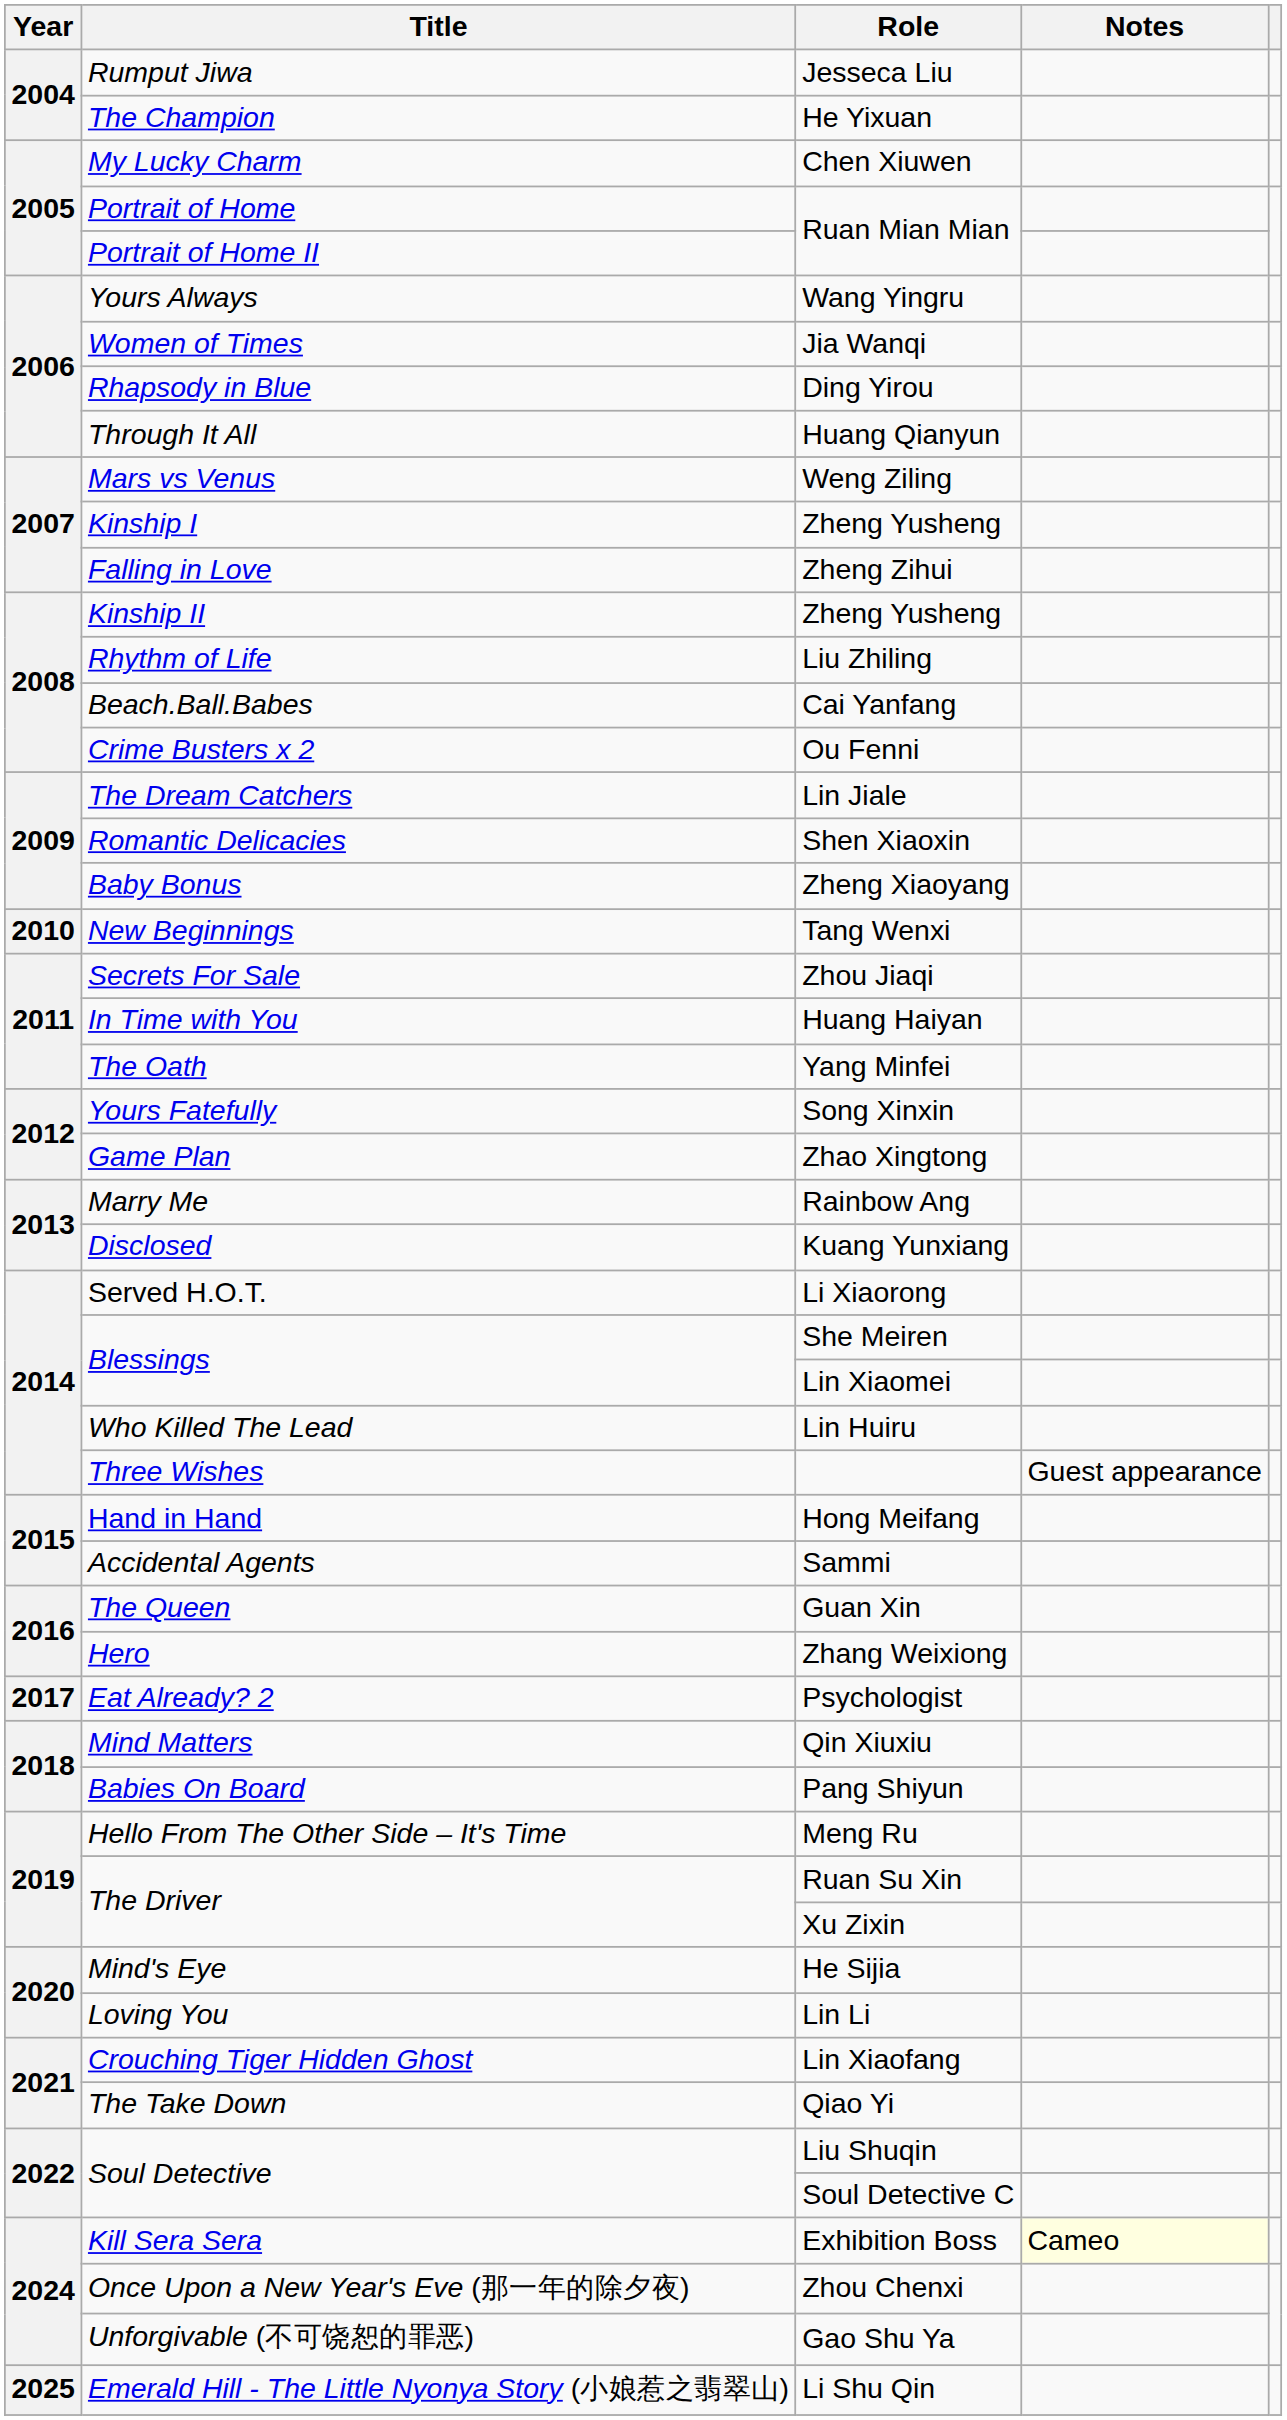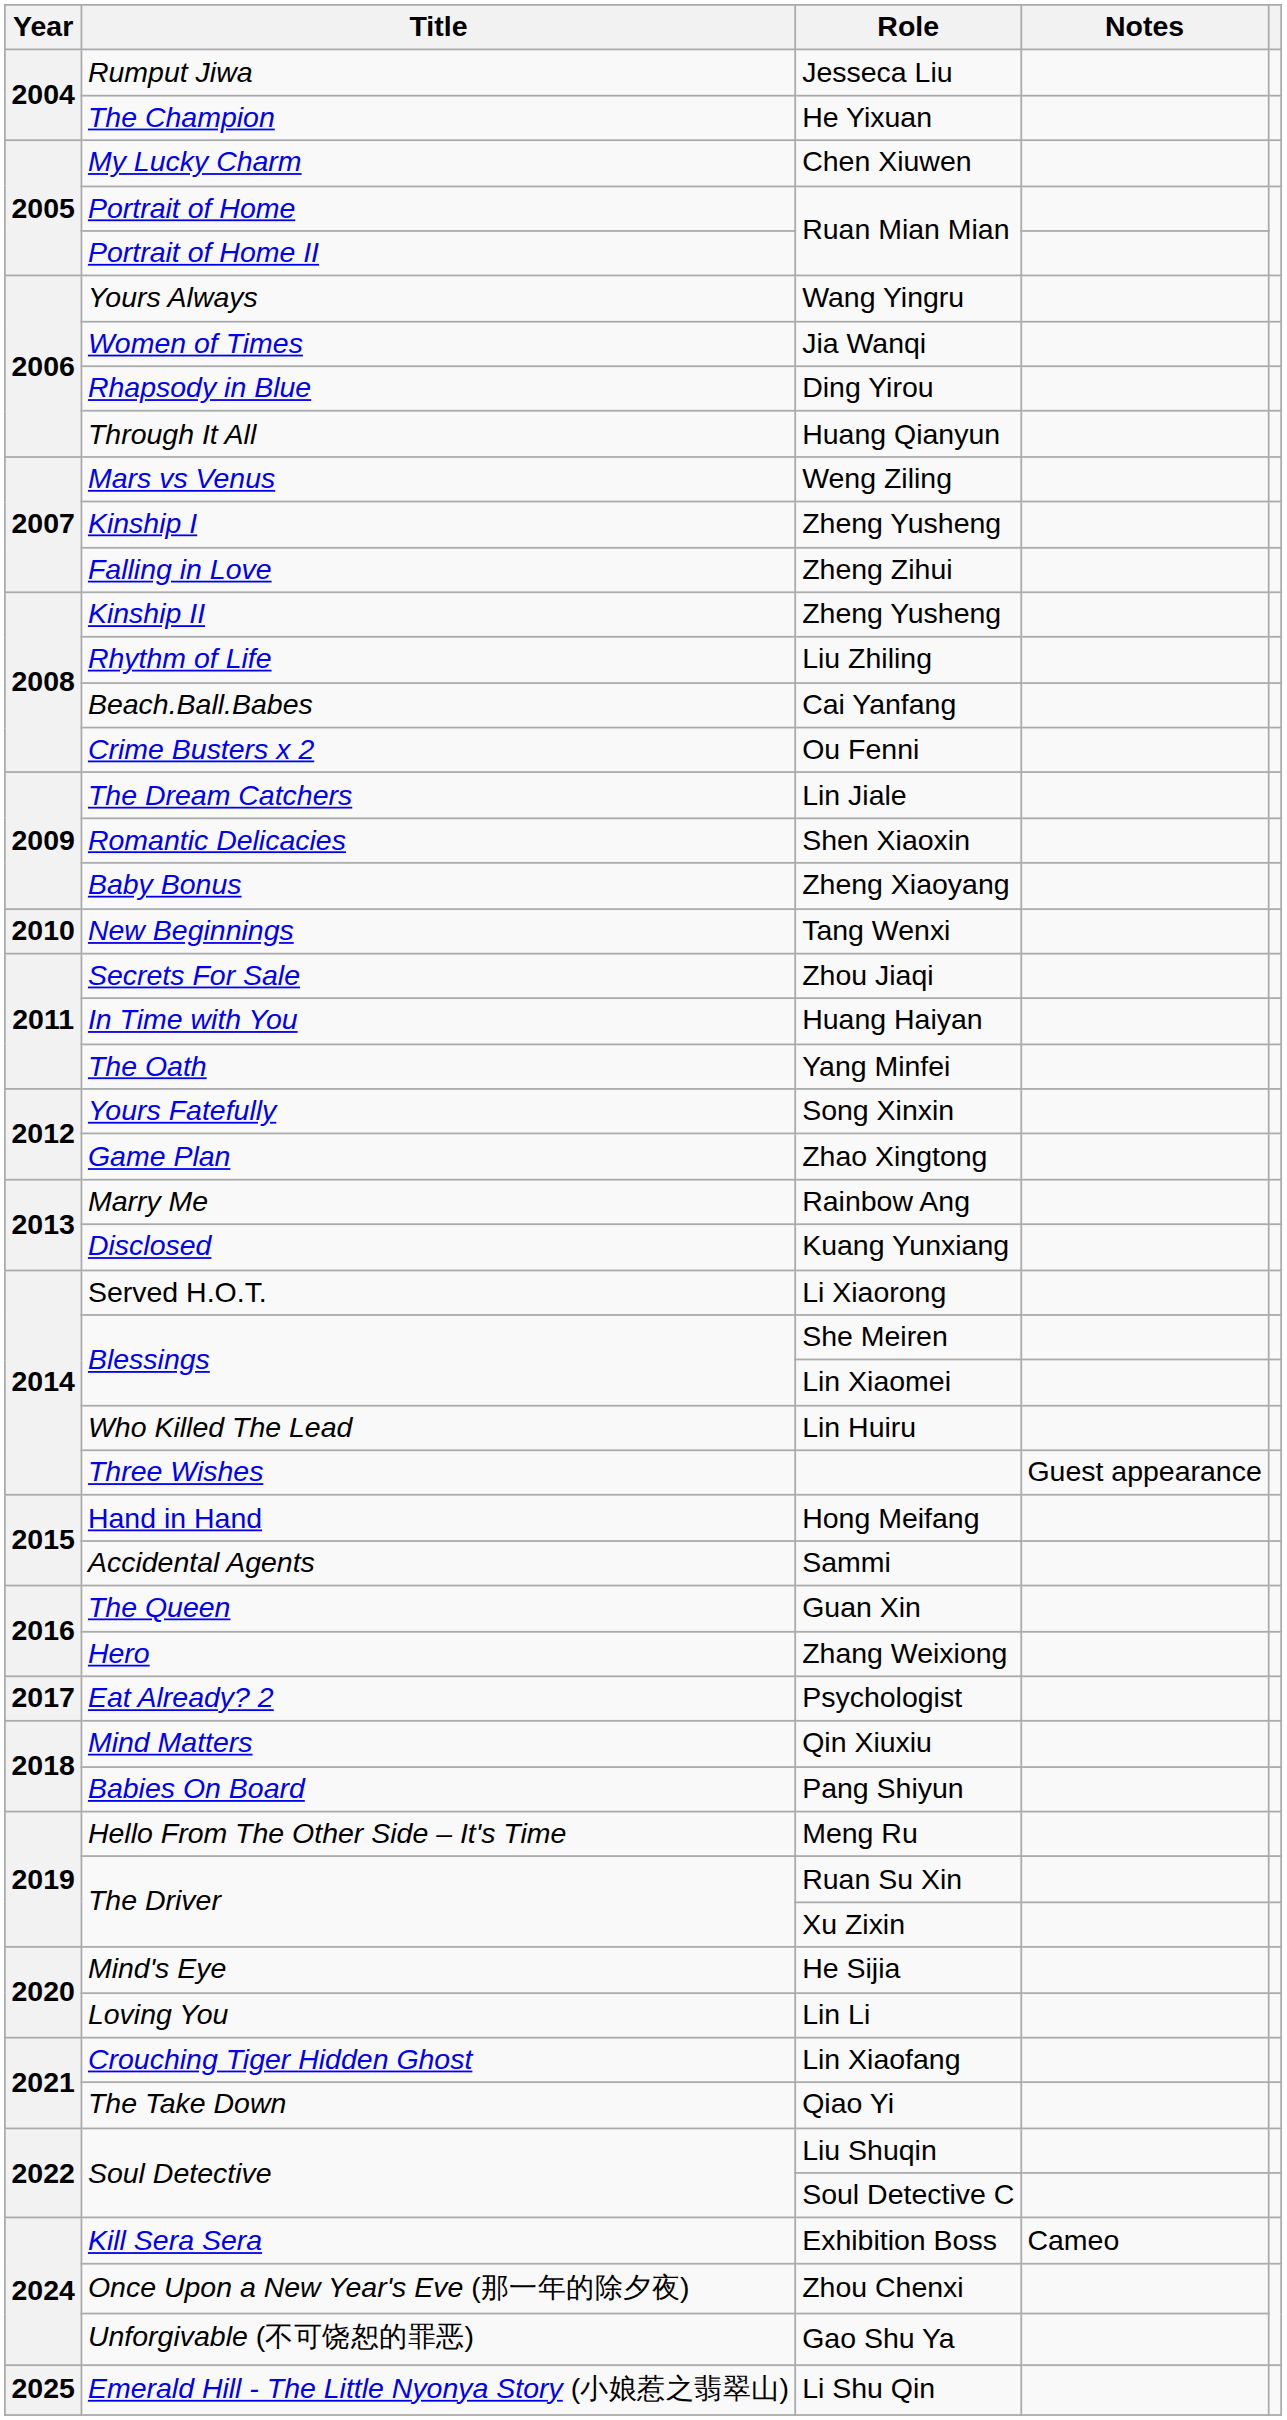 <table class="wikitable sortable plainrowheaders">
 <tr>
 <th scope="col">Year</th>
 <th scope="col">Title</th>
 <th scope="col">Role</th>
 <th scope="col" class="unsortable">Notes</th>
 <th scope="col" class="unsortable"></th>
 </tr>
 <tr>
 <th scope="row" rowspan="2">2004</th>
 <td><em>Rumput Jiwa</em></td>
 <td>Jesseca Liu</td>
 <td></td>
 <td></td>
 </tr>
 <tr>
 <td><em><a href='#'>The Champion</a></em></td>
 <td>He Yixuan</td>
 <td></td>
 <td></td>
 </tr>
 <tr>
 <th scope="row" rowspan="3">2005</th>
 <td><em><a href='#'>My Lucky Charm</a></em></td>
 <td>Chen Xiuwen</td>
 <td></td>
 <td></td>
 </tr>
 <tr>
 <td><em><a href='#'>Portrait of Home</a></em></td>
 <td rowspan="2">Ruan Mian Mian</td>
 <td></td>
 <td rowspan="2"></td>
 </tr>
 <tr>
 <td><a href='#'><em>Portrait of Home II</em></a></td>
 <td></td>
 </tr>
 <tr>
 <th scope="row" rowspan="4">2006</th>
 <td><em>Yours Always</em></td>
 <td>Wang Yingru</td>
 <td></td>
 <td></td>
 </tr>
 <tr>
 <td><em><a href='#'>Women of Times</a></em></td>
 <td>Jia Wanqi</td>
 <td></td>
 <td></td>
 </tr>
 <tr>
 <td><em><a href='#'>Rhapsody in Blue</a></em></td>
 <td>Ding Yirou</td>
 <td></td>
 <td></td>
 </tr>
 <tr>
 <td><em>Through It All</em></td>
 <td>Huang Qianyun</td>
 <td></td>
 <td></td>
 </tr>
 <tr>
 <th scope="row" rowspan="3">2007</th>
 <td><em><a href='#'>Mars vs Venus</a></em></td>
 <td>Weng Ziling</td>
 <td></td>
 <td></td>
 </tr>
 <tr>
 <td><em><a href='#'>Kinship I</a></em></td>
 <td>Zheng Yusheng</td>
 <td></td>
 <td></td>
 </tr>
 <tr>
 <td><em><a href='#'>Falling in Love</a></em></td>
 <td>Zheng Zihui</td>
 <td></td>
 <td></td>
 </tr>
 <tr>
 <th scope="row" rowspan="4">2008</th>
 <td><em><a href='#'>Kinship II</a></em></td>
 <td>Zheng Yusheng</td>
 <td></td>
 <td></td>
 </tr>
 <tr>
 <td><em><a href='#'>Rhythm of Life</a></em></td>
 <td>Liu Zhiling</td>
 <td></td>
 <td></td>
 </tr>
 <tr>
 <td><em>Beach.Ball.Babes</em></td>
 <td>Cai Yanfang</td>
 <td></td>
 <td></td>
 </tr>
 <tr>
 <td><em><a href='#'>Crime Busters x 2</a></em></td>
 <td>Ou Fenni</td>
 <td></td>
 <td></td>
 </tr>
 <tr>
 <th scope="row" rowspan="3">2009</th>
 <td><em><a href='#'>The Dream Catchers</a></em></td>
 <td>Lin Jiale</td>
 <td></td>
 <td></td>
 </tr>
 <tr>
 <td><em><a href='#'>Romantic Delicacies</a></em></td>
 <td>Shen Xiaoxin</td>
 <td></td>
 <td></td>
 </tr>
 <tr>
 <td><em><a href='#'>Baby Bonus</a></em></td>
 <td>Zheng Xiaoyang</td>
 <td></td>
 <td></td>
 </tr>
 <tr>
 <th scope="row" rowspan="1">2010</th>
 <td><em><a href='#'>New Beginnings</a></em></td>
 <td>Tang Wenxi</td>
 <td></td>
 <td></td>
 </tr>
 <tr>
 <th scope="row" rowspan="3">2011</th>
 <td><em><a href='#'>Secrets For Sale</a></em></td>
 <td>Zhou Jiaqi</td>
 <td></td>
 <td></td>
 </tr>
 <tr>
 <td><em><a href='#'>In Time with You</a></em></td>
 <td>Huang Haiyan</td>
 <td></td>
 <td></td>
 </tr>
 <tr>
 <td><em><a href='#'>The Oath</a></em></td>
 <td>Yang Minfei</td>
 <td></td>
 <td></td>
 </tr>
 <tr>
 <th scope="row" rowspan="2">2012</th>
 <td><em><a href='#'>Yours Fatefully</a></em></td>
 <td>Song Xinxin</td>
 <td></td>
 <td></td>
 </tr>
 <tr>
 <td><em><a href='#'>Game Plan</a></em></td>
 <td>Zhao Xingtong</td>
 <td></td>
 <td></td>
 </tr>
 <tr>
 <th scope="row" rowspan="2">2013</th>
 <td><em>Marry Me</em></td>
 <td>Rainbow Ang</td>
 <td></td>
 <td></td>
 </tr>
 <tr>
 <td><em><a href='#'>Disclosed</a></em></td>
 <td>Kuang Yunxiang</td>
 <td></td>
 <td></td>
 </tr>
 <tr>
 <th scope="row" rowspan="5">2014</th>
 <td>Served H.O.T.</td>
 <td>Li Xiaorong</td>
 <td></td>
 <td></td>
 </tr>
 <tr>
 <td rowspan="2"><em><a href='#'>Blessings</a></em></td>
 <td>She Meiren</td>
 <td></td>
 <td></td>
 </tr>
 <tr>
 <td>Lin Xiaomei</td>
 <td></td>
 <td></td>
 </tr>
 <tr>
 <td><em>Who Killed The Lead</em></td>
 <td>Lin Huiru</td>
 <td></td>
 <td></td>
 </tr>
 <tr>
 <td><em><a href='#'>Three Wishes</a></em></td>
 <td></td>
 <td>Guest appearance</td>
 <td></td>
 </tr>
 <tr>
 <th scope="row" rowspan="2">2015</th>
 <td><a href='#'>Hand in Hand</a></td>
 <td>Hong Meifang</td>
 <td></td>
 <td></td>
 </tr>
 <tr>
 <td><em>Accidental Agents</em></td>
 <td>Sammi</td>
 <td></td>
 <td></td>
 </tr>
 <tr>
 <th scope="row" rowspan="2">2016</th>
 <td><em><a href='#'>The Queen</a></em></td>
 <td>Guan Xin</td>
 <td></td>
 <td></td>
 </tr>
 <tr>
 <td><em><a href='#'>Hero</a></em></td>
 <td>Zhang Weixiong</td>
 <td></td>
 <td></td>
 </tr>
 <tr>
 <th scope="row">2017</th>
 <td><em><a href='#'>Eat Already? 2</a></em></td>
 <td>Psychologist</td>
 <td></td>
 <td></td>
 </tr>
 <tr>
 <th scope="row" rowspan="2">2018</th>
 <td><em><a href='#'>Mind Matters</a></em></td>
 <td>Qin Xiuxiu</td>
 <td></td>
 <td></td>
 </tr>
 <tr>
 <td><em><a href='#'>Babies On Board</a></em></td>
 <td>Pang Shiyun</td>
 <td></td>
 <td></td>
 </tr>
 <tr>
 <th scope="row" rowspan="3">2019</th>
 <td><em>Hello From The Other Side – It's Time</em></td>
 <td>Meng Ru</td>
 <td></td>
 <td></td>
 </tr>
 <tr>
 <td rowspan="2"><em>The Driver</em></td>
 <td>Ruan Su Xin</td>
 <td></td>
 <td></td>
 </tr>
 <tr>
 <td>Xu Zixin</td>
 <td></td>
 <td></td>
 </tr>
 <tr>
 <th scope="row" rowspan="2">2020</th>
 <td><em>Mind's Eye</em></td>
 <td>He Sijia</td>
 <td></td>
 <td></td>
 </tr>
 <tr>
 <td><em>Loving You</em></td>
 <td>Lin Li</td>
 <td></td>
 <td></td>
 </tr>
 <tr>
 <th scope="row" rowspan="2">2021</th>
 <td><em><a href='#'>Crouching Tiger Hidden Ghost</a></em></td>
 <td>Lin Xiaofang</td>
 <td></td>
 <td></td>
 </tr>
 <tr>
 <td><em>The Take Down</em></td>
 <td>Qiao Yi</td>
 <td></td>
 <td></td>
 </tr>
 <tr>
 <th scope="row" rowspan="2">2022</th>
 <td rowspan="2"><em>Soul Detective</em></td>
 <td>Liu Shuqin</td>
 <td></td>
 <td></td>
 </tr>
 <tr>
 <td>Soul Detective C</td>
 <td></td>
 <td></td>
 </tr>
 <tr>
 <th scope="row" rowspan="3">2024</th>
 <td><em><a href='#'>Kill Sera Sera</a></em></td>
 <td>Exhibition Boss</td>
-<td style="background: lightyellow;">Cameo</td>
+<td>Cameo</td>
 <td></td>
 </tr>
 <tr>
 <td rowspan="1"><em>Once Upon a New Year's Eve</em> (那一年的除夕夜)</td>
 <td>Zhou Chenxi</td>
 <td></td>
 <td rowspan="2"></td>
 </tr>
 <tr>
 <td><em>Unforgivable </em>(不可饶恕的罪恶)</td>
 <td>Gao Shu Ya</td>
 <td></td>
 </tr>
 <tr>
 <th scope="row">2025</th>
 <td><em><a href='#'>Emerald Hill - The Little Nyonya Story</a></em>  (小娘惹之翡翠山)</td>
 <td>Li Shu Qin</td>
 <td></td>
 <td style="text-align:center"></td>
 </tr>
 </table>
